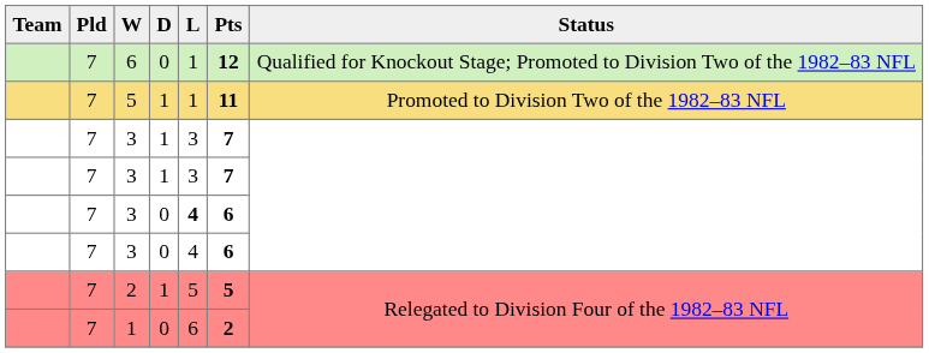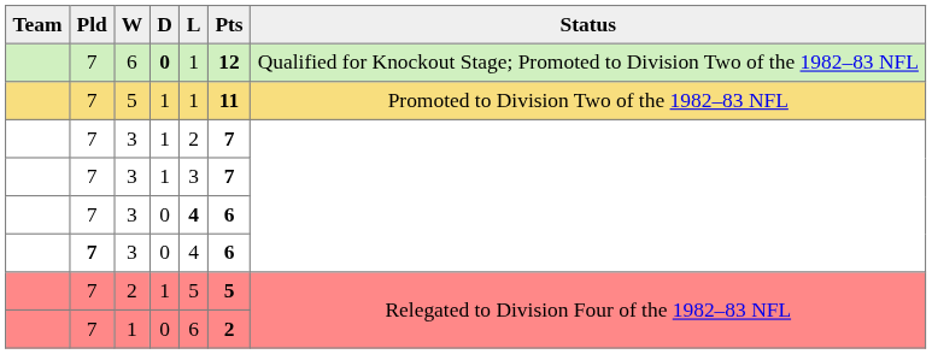 <table style=border-collapse:collapse border=1 cellspacing=0 cellpadding=5>
 <tr align=center bgcolor=#efefef>
 <th>Team</th>
 <th>Pld</th>
 <th>W</th>
 <th>D</th>
 <th>L</th>
 <th>Pts</th>
 <th>Status</th>
 </tr>
 <tr align=center style="background:#D0F0C0;">
 <td style="text-align:left;"> </td>
 <td>7</td>
 <td>6</td>
-<td>0</td>
+<td><strong>0</strong></td>
 <td>1</td>
 <td><strong>12</strong></td>
 <td rowspan=1>Qualified for Knockout Stage; Promoted to Division Two of the <a href='#'>1982–83 NFL</a></td>
 </tr>
 <tr align=center style="background:#F8DE7E;">
 <td style="text-align:left;"> </td>
 <td>7</td>
 <td>5</td>
 <td>1</td>
 <td>1</td>
 <td><strong>11</strong></td>
 <td rowspan=1>Promoted to Division Two of the <a href='#'>1982–83 NFL</a></td>
 </tr>
 <tr align=center style="background:#FFFFFF;">
 <td style="text-align:left;"> </td>
 <td>7</td>
 <td>3</td>
 <td>1</td>
-<td>3</td>
+<td>2</td>
 <td><strong>7</strong></td>
 <td rowspan=4></td>
 </tr>
 <tr align=center style="background:#FFFFFF;">
 <td style="text-align:left;"> </td>
 <td>7</td>
 <td>3</td>
 <td>1</td>
 <td>3</td>
 <td><strong>7</strong></td>
 </tr>
 <tr align=center style="background:#FFFFFF;">
 <td style="text-align:left;"> </td>
 <td>7</td>
 <td>3</td>
 <td>0</td>
 <td><strong>4</strong></td>
 <td><strong>6</strong></td>
 </tr>
 <tr align=center style="background:#FFFFFF;">
 <td style="text-align:left;"> </td>
-<td>7</td>
+<td><strong>7</strong></td>
 <td>3</td>
 <td>0</td>
 <td>4</td>
 <td><strong>6</strong></td>
 </tr>
 <tr align=center style="background:#FF8888;">
 <td style="text-align:left;"> </td>
 <td>7</td>
 <td>2</td>
 <td>1</td>
 <td>5</td>
 <td><strong>5</strong></td>
 <td rowspan=2>Relegated to Division Four of the <a href='#'>1982–83 NFL</a></td>
 </tr>
 <tr align=center style="background:#FF8888;">
 <td style="text-align:left;"> </td>
 <td>7</td>
 <td>1</td>
 <td>0</td>
 <td>6</td>
 <td><strong>2</strong></td>
 </tr>
 </table>
